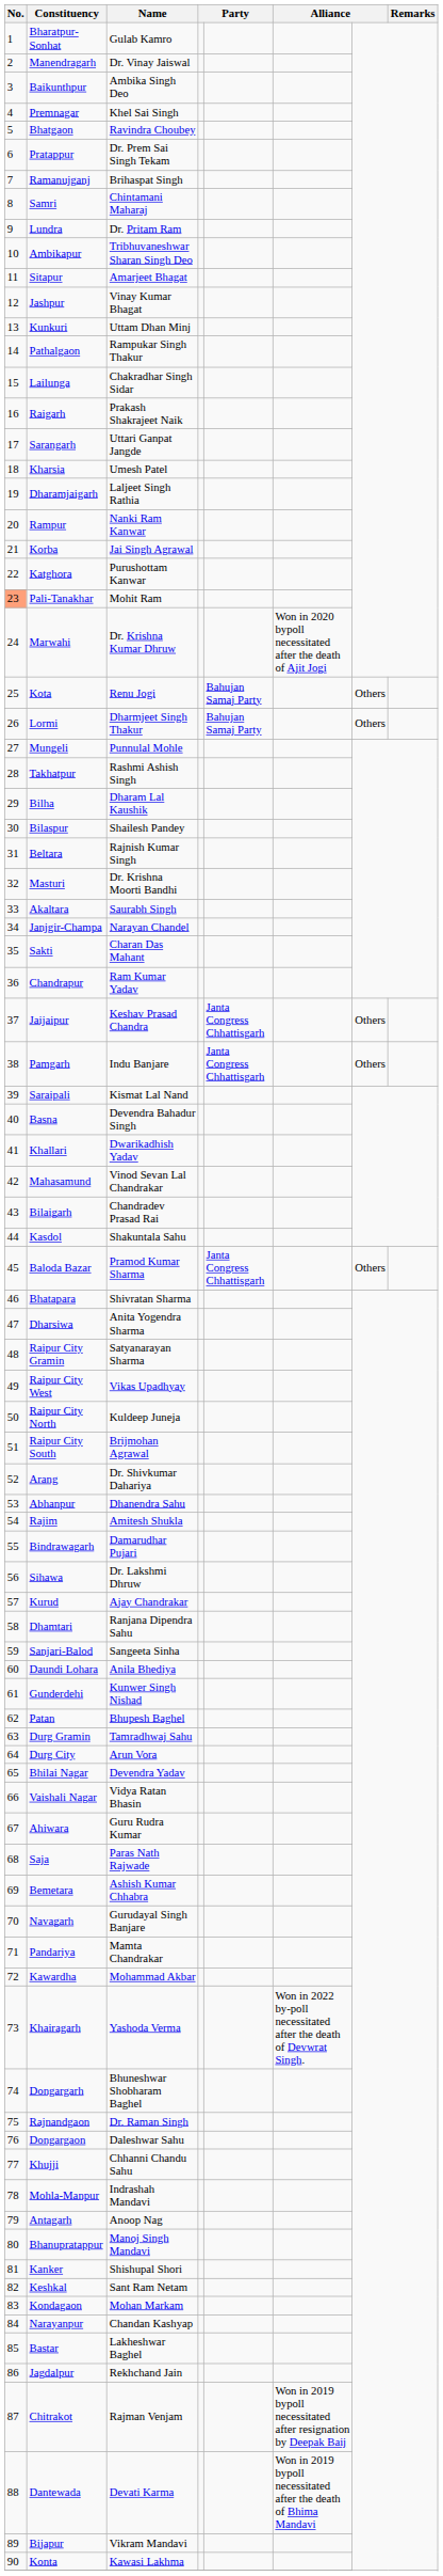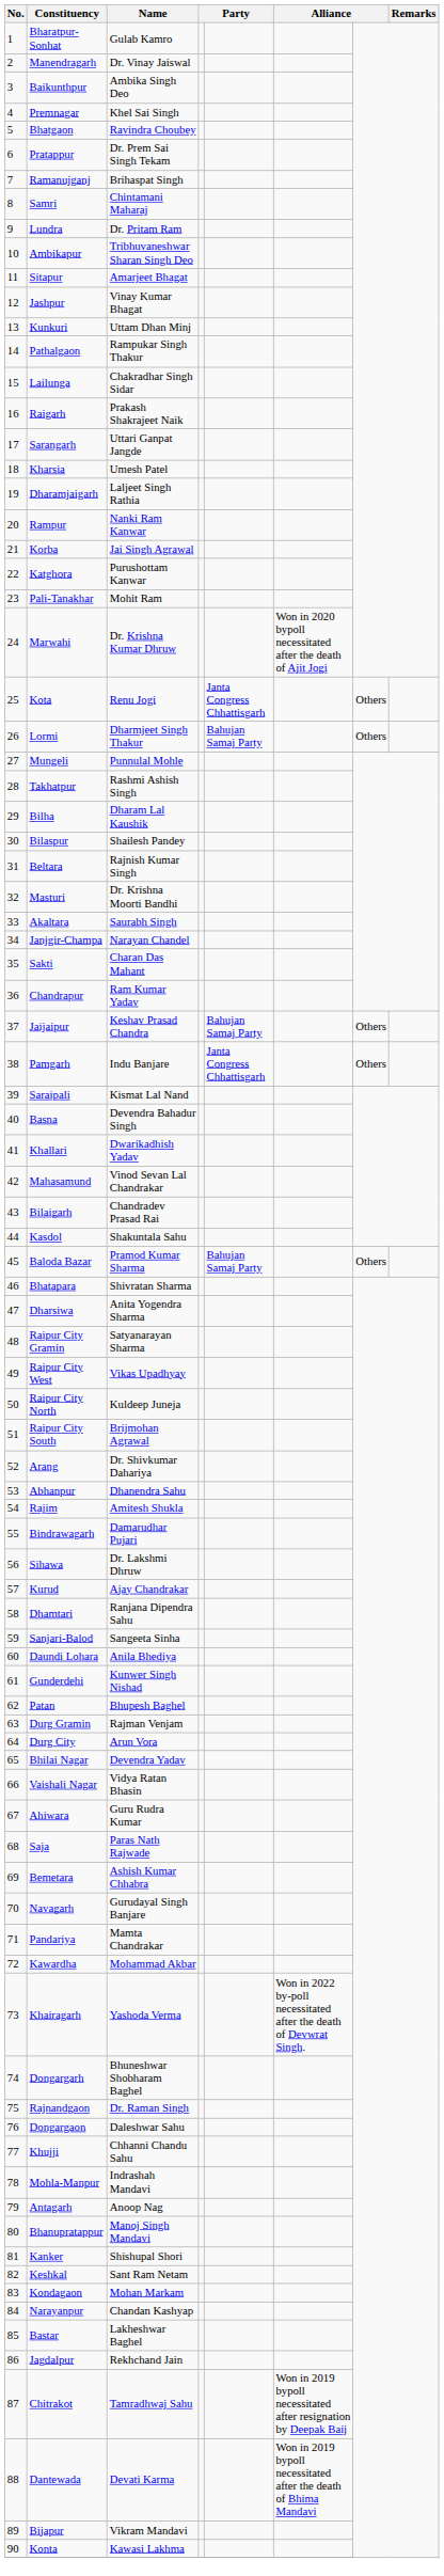 <table class="wikitable sortable">
 <tr>
 <th>No.</th>
 <th>Constituency</th>
 <th>Name</th>
 <th colspan="2">Party</th>
 <th colspan="2">Alliance</th>
 <th>Remarks</th>
 </tr>
 <tr>
 <td>1</td>
 <td><a href='#'>Bharatpur-Sonhat</a></td>
 <td>Gulab Kamro</td>
 <td></td>
 <td></td>
 <td></td>
 </tr>
 <tr>
 <td>2</td>
 <td><a href='#'>Manendragarh</a></td>
 <td>Dr. Vinay Jaiswal</td>
 <td></td>
 <td></td>
 <td></td>
 </tr>
 <tr>
 <td>3</td>
 <td><a href='#'>Baikunthpur</a></td>
 <td>Ambika Singh Deo</td>
 <td></td>
 <td></td>
 <td></td>
 </tr>
 <tr>
 <td>4</td>
 <td><a href='#'>Premnagar</a></td>
 <td>Khel Sai Singh</td>
 <td></td>
 <td></td>
 <td></td>
 </tr>
 <tr>
 <td>5</td>
 <td><a href='#'>Bhatgaon</a></td>
 <td><a href='#'>Ravindra Choubey</a></td>
 <td></td>
 <td></td>
 <td></td>
 </tr>
 <tr>
 <td>6</td>
 <td><a href='#'>Pratappur</a></td>
 <td>Dr. Prem Sai Singh Tekam</td>
 <td></td>
 <td></td>
 <td></td>
 </tr>
 <tr>
 <td>7</td>
 <td><a href='#'>Ramanujganj</a></td>
 <td>Brihaspat Singh</td>
 <td></td>
 <td></td>
 <td></td>
 </tr>
 <tr>
 <td>8</td>
 <td><a href='#'>Samri</a></td>
 <td><a href='#'>Chintamani Maharaj</a></td>
 <td></td>
 <td></td>
 <td></td>
 </tr>
 <tr>
 <td>9</td>
 <td><a href='#'>Lundra</a></td>
 <td>Dr. <a href='#'>Pritam Ram</a></td>
 <td></td>
 <td></td>
 <td></td>
 </tr>
 <tr>
 <td>10</td>
 <td><a href='#'>Ambikapur</a></td>
 <td><a href='#'>Tribhuvaneshwar Sharan Singh Deo</a></td>
 <td></td>
 <td></td>
 <td></td>
 </tr>
 <tr>
 <td>11</td>
 <td><a href='#'>Sitapur</a></td>
 <td><a href='#'>Amarjeet Bhagat</a></td>
 <td></td>
 <td></td>
 <td></td>
 </tr>
 <tr>
 <td>12</td>
 <td><a href='#'>Jashpur</a></td>
 <td>Vinay Kumar Bhagat</td>
 <td></td>
 <td></td>
 <td></td>
 </tr>
 <tr>
 <td>13</td>
 <td><a href='#'>Kunkuri</a></td>
 <td>Uttam Dhan Minj</td>
 <td></td>
 <td></td>
 <td></td>
 </tr>
 <tr>
 <td>14</td>
 <td><a href='#'>Pathalgaon</a></td>
 <td>Rampukar Singh Thakur</td>
 <td></td>
 <td></td>
 <td></td>
 </tr>
 <tr>
 <td>15</td>
 <td><a href='#'>Lailunga</a></td>
 <td>Chakradhar Singh Sidar</td>
 <td></td>
 <td></td>
 <td></td>
 </tr>
 <tr>
 <td>16</td>
 <td><a href='#'>Raigarh</a></td>
 <td>Prakash Shakrajeet Naik</td>
 <td></td>
 <td></td>
 <td></td>
 </tr>
 <tr>
 <td>17</td>
 <td><a href='#'>Sarangarh</a></td>
 <td>Uttari Ganpat Jangde</td>
 <td></td>
 <td></td>
 <td></td>
 </tr>
 <tr>
 <td>18</td>
 <td><a href='#'>Kharsia</a></td>
 <td>Umesh Patel</td>
 <td></td>
 <td></td>
 <td></td>
 </tr>
 <tr>
 <td>19</td>
 <td><a href='#'>Dharamjaigarh</a></td>
 <td>Laljeet Singh Rathia</td>
 <td></td>
 <td></td>
 <td></td>
 </tr>
 <tr>
 <td>20</td>
 <td><a href='#'>Rampur</a></td>
 <td><a href='#'>Nanki Ram Kanwar</a></td>
 <td></td>
 <td></td>
 <td></td>
 </tr>
 <tr>
 <td>21</td>
 <td><a href='#'>Korba</a></td>
 <td><a href='#'>Jai Singh Agrawal</a></td>
 <td></td>
 <td></td>
 <td></td>
 </tr>
 <tr>
 <td>22</td>
 <td><a href='#'>Katghora</a></td>
 <td>Purushottam Kanwar</td>
 <td></td>
 <td></td>
 <td></td>
 </tr>
 <tr>
-<td style="background: lightsalmon;">23</td>
+<td>23</td>
 <td><a href='#'>Pali-Tanakhar</a></td>
 <td>Mohit Ram</td>
 <td></td>
 <td></td>
 <td></td>
 </tr>
 <tr>
 <td>24</td>
 <td><a href='#'>Marwahi</a></td>
 <td>Dr. <a href='#'>Krishna Kumar Dhruw</a></td>
 <td></td>
 <td></td>
 <td>Won in 2020 bypoll necessitated after the death of <a href='#'>Ajit Jogi</a></td>
 </tr>
 <tr>
 <td>25</td>
 <td><a href='#'>Kota</a></td>
 <td><a href='#'>Renu Jogi</a></td>
 <td></td>
-<td><a href='#'>Bahujan Samaj Party</a></td>
+<td><a href='#'>Janta Congress Chhattisgarh</a></td>
 <td></td>
 <td>Others</td>
 <td></td>
 </tr>
 <tr>
 <td>26</td>
 <td><a href='#'>Lormi</a></td>
 <td><a href='#'>Dharmjeet Singh Thakur</a></td>
 <td></td>
 <td><a href='#'>Bahujan Samaj Party</a></td>
 <td></td>
 <td>Others</td>
 <td></td>
 </tr>
 <tr>
 <td>27</td>
 <td><a href='#'>Mungeli</a></td>
 <td><a href='#'>Punnulal Mohle</a></td>
 <td></td>
 <td></td>
 <td></td>
 </tr>
 <tr>
 <td>28</td>
 <td><a href='#'>Takhatpur</a></td>
 <td>Rashmi Ashish Singh</td>
 <td></td>
 <td></td>
 <td></td>
 </tr>
 <tr>
 <td>29</td>
 <td><a href='#'>Bilha</a></td>
 <td><a href='#'>Dharam Lal Kaushik</a></td>
 <td></td>
 <td></td>
 <td></td>
 </tr>
 <tr>
 <td>30</td>
 <td><a href='#'>Bilaspur</a></td>
 <td>Shailesh Pandey</td>
 <td></td>
 <td></td>
 <td></td>
 </tr>
 <tr>
 <td>31</td>
 <td><a href='#'>Beltara</a></td>
 <td>Rajnish Kumar Singh</td>
 <td></td>
 <td></td>
 <td></td>
 </tr>
 <tr>
 <td>32</td>
 <td><a href='#'>Masturi</a></td>
 <td>Dr. Krishna Moorti Bandhi</td>
 <td></td>
 <td></td>
 <td></td>
 </tr>
 <tr>
 <td>33</td>
 <td><a href='#'>Akaltara</a></td>
 <td><a href='#'>Saurabh Singh</a></td>
 <td></td>
 <td></td>
 <td></td>
 </tr>
 <tr>
 <td>34</td>
 <td><a href='#'>Janjgir-Champa</a></td>
 <td><a href='#'>Narayan Chandel</a></td>
 <td></td>
 <td></td>
 <td></td>
 </tr>
 <tr>
 <td>35</td>
 <td><a href='#'>Sakti</a></td>
 <td><a href='#'>Charan Das Mahant</a></td>
 <td></td>
 <td></td>
 <td></td>
 </tr>
 <tr>
 <td>36</td>
 <td><a href='#'>Chandrapur</a></td>
 <td><a href='#'>Ram Kumar Yadav</a></td>
 <td></td>
 <td></td>
 <td></td>
 </tr>
 <tr>
 <td>37</td>
 <td><a href='#'>Jaijaipur</a></td>
 <td><a href='#'>Keshav Prasad Chandra</a></td>
 <td></td>
-<td><a href='#'>Janta Congress Chhattisgarh</a></td>
+<td><a href='#'>Bahujan Samaj Party</a></td>
 <td></td>
 <td>Others</td>
 <td></td>
 </tr>
 <tr>
 <td>38</td>
 <td><a href='#'>Pamgarh</a></td>
 <td>Indu Banjare</td>
 <td></td>
 <td><a href='#'>Janta Congress Chhattisgarh</a></td>
 <td></td>
 <td>Others</td>
 <td></td>
 </tr>
 <tr>
 <td>39</td>
 <td><a href='#'>Saraipali</a></td>
 <td>Kismat Lal Nand</td>
 <td></td>
 <td></td>
 <td></td>
 </tr>
 <tr>
 <td>40</td>
 <td><a href='#'>Basna</a></td>
 <td>Devendra Bahadur Singh</td>
 <td></td>
 <td></td>
 <td></td>
 </tr>
 <tr>
 <td>41</td>
 <td><a href='#'>Khallari</a></td>
 <td><a href='#'>Dwarikadhish Yadav</a></td>
 <td></td>
 <td></td>
 <td></td>
 </tr>
 <tr>
 <td>42</td>
 <td><a href='#'>Mahasamund</a></td>
 <td>Vinod Sevan Lal Chandrakar</td>
 <td></td>
 <td></td>
 <td></td>
 </tr>
 <tr>
 <td>43</td>
 <td><a href='#'>Bilaigarh</a></td>
 <td>Chandradev Prasad Rai</td>
 <td></td>
 <td></td>
 <td></td>
 </tr>
 <tr>
 <td>44</td>
 <td><a href='#'>Kasdol</a></td>
 <td>Shakuntala Sahu</td>
 <td></td>
 <td></td>
 <td></td>
 </tr>
 <tr>
 <td>45</td>
 <td><a href='#'>Baloda Bazar</a></td>
 <td><a href='#'>Pramod Kumar Sharma</a></td>
 <td></td>
-<td><a href='#'>Janta Congress Chhattisgarh</a></td>
+<td><a href='#'>Bahujan Samaj Party</a></td>
 <td></td>
 <td>Others</td>
 <td></td>
 </tr>
 <tr>
 <td>46</td>
 <td><a href='#'>Bhatapara</a></td>
 <td>Shivratan Sharma</td>
 <td></td>
 <td></td>
 <td></td>
 </tr>
 <tr>
 <td>47</td>
 <td><a href='#'>Dharsiwa</a></td>
 <td>Anita Yogendra Sharma</td>
 <td></td>
 <td></td>
 <td></td>
 </tr>
 <tr>
 <td>48</td>
 <td><a href='#'>Raipur City Gramin</a></td>
 <td>Satyanarayan Sharma</td>
 <td></td>
 <td></td>
 <td></td>
 </tr>
 <tr>
 <td>49</td>
 <td><a href='#'>Raipur City West</a></td>
 <td><a href='#'>Vikas Upadhyay</a></td>
 <td></td>
 <td></td>
 <td></td>
 </tr>
 <tr>
 <td>50</td>
 <td><a href='#'>Raipur City North</a></td>
 <td>Kuldeep Juneja</td>
 <td></td>
 <td></td>
 <td></td>
 </tr>
 <tr>
 <td>51</td>
 <td><a href='#'>Raipur City South</a></td>
 <td><a href='#'>Brijmohan Agrawal</a></td>
 <td></td>
 <td></td>
 <td></td>
 </tr>
 <tr>
 <td>52</td>
 <td><a href='#'>Arang</a></td>
 <td>Dr. Shivkumar Dahariya</td>
 <td></td>
 <td></td>
 <td></td>
 </tr>
 <tr>
 <td>53</td>
 <td><a href='#'>Abhanpur</a></td>
 <td><a href='#'>Dhanendra Sahu</a></td>
 <td></td>
 <td></td>
 <td></td>
 </tr>
 <tr>
 <td>54</td>
 <td><a href='#'>Rajim</a></td>
 <td><a href='#'>Amitesh Shukla</a></td>
 <td></td>
 <td></td>
 <td></td>
 </tr>
 <tr>
 <td>55</td>
 <td><a href='#'>Bindrawagarh</a></td>
 <td><a href='#'>Damarudhar Pujari</a></td>
 <td></td>
 <td></td>
 <td></td>
 </tr>
 <tr>
 <td>56</td>
 <td><a href='#'>Sihawa</a></td>
 <td>Dr. Lakshmi Dhruw</td>
 <td></td>
 <td></td>
 <td></td>
 </tr>
 <tr>
 <td>57</td>
 <td><a href='#'>Kurud</a></td>
 <td><a href='#'>Ajay Chandrakar</a></td>
 <td></td>
 <td></td>
 <td></td>
 </tr>
 <tr>
 <td>58</td>
 <td><a href='#'>Dhamtari</a></td>
 <td>Ranjana Dipendra Sahu</td>
 <td></td>
 <td></td>
 <td></td>
 </tr>
 <tr>
 <td>59</td>
 <td><a href='#'>Sanjari-Balod</a></td>
 <td>Sangeeta Sinha</td>
 <td></td>
 <td></td>
 <td></td>
 </tr>
 <tr>
 <td>60</td>
 <td><a href='#'>Daundi Lohara</a></td>
 <td><a href='#'>Anila Bhediya</a></td>
 <td></td>
 <td></td>
 <td></td>
 </tr>
 <tr>
 <td>61</td>
 <td><a href='#'>Gunderdehi</a></td>
 <td><a href='#'>Kunwer Singh Nishad</a></td>
 <td></td>
 <td></td>
 <td></td>
 </tr>
 <tr>
 <td>62</td>
 <td><a href='#'>Patan</a></td>
 <td><a href='#'>Bhupesh Baghel</a></td>
 <td></td>
 <td></td>
 <td></td>
 </tr>
 <tr>
 <td>63</td>
 <td><a href='#'>Durg Gramin</a></td>
-<td><a href='#'>Tamradhwaj Sahu</a></td>
+<td>Rajman Venjam</td>
 <td></td>
 <td></td>
 <td></td>
 </tr>
 <tr>
 <td>64</td>
 <td><a href='#'>Durg City</a></td>
 <td><a href='#'>Arun Vora</a></td>
 <td></td>
 <td></td>
 <td></td>
 </tr>
 <tr>
 <td>65</td>
 <td><a href='#'>Bhilai Nagar</a></td>
 <td><a href='#'>Devendra Yadav</a></td>
 <td></td>
 <td></td>
 <td></td>
 </tr>
 <tr>
 <td>66</td>
 <td><a href='#'>Vaishali Nagar</a></td>
 <td>Vidya Ratan Bhasin</td>
 <td></td>
 <td></td>
 <td></td>
 </tr>
 <tr>
 <td>67</td>
 <td><a href='#'>Ahiwara</a></td>
 <td>Guru Rudra Kumar</td>
 <td></td>
 <td></td>
 <td></td>
 </tr>
 <tr>
 <td>68</td>
 <td><a href='#'>Saja</a></td>
 <td><a href='#'>Paras Nath Rajwade</a></td>
 <td></td>
 <td></td>
 <td></td>
 </tr>
 <tr>
 <td>69</td>
 <td><a href='#'>Bemetara</a></td>
 <td><a href='#'>Ashish Kumar Chhabra</a></td>
 <td></td>
 <td></td>
 <td></td>
 </tr>
 <tr>
 <td>70</td>
 <td><a href='#'>Navagarh</a></td>
 <td>Gurudayal Singh Banjare</td>
 <td></td>
 <td></td>
 <td></td>
 </tr>
 <tr>
 <td>71</td>
 <td><a href='#'>Pandariya</a></td>
 <td>Mamta Chandrakar</td>
 <td></td>
 <td></td>
 <td></td>
 </tr>
 <tr>
 <td>72</td>
 <td><a href='#'>Kawardha</a></td>
 <td><a href='#'>Mohammad Akbar</a></td>
 <td></td>
 <td></td>
 <td></td>
 </tr>
 <tr>
 <td>73</td>
 <td><a href='#'>Khairagarh</a></td>
 <td><a href='#'>Yashoda Verma</a></td>
 <td></td>
 <td></td>
 <td>Won in 2022 by-poll necessitated after the death of <a href='#'>Devwrat Singh</a>.</td>
 </tr>
 <tr>
 <td>74</td>
 <td><a href='#'>Dongargarh</a></td>
 <td>Bhuneshwar Shobharam Baghel</td>
 <td></td>
 <td></td>
 <td></td>
 </tr>
 <tr>
 <td>75</td>
 <td><a href='#'>Rajnandgaon</a></td>
 <td><a href='#'>Dr. Raman Singh</a></td>
 <td></td>
 <td></td>
 <td></td>
 </tr>
 <tr>
 <td>76</td>
 <td><a href='#'>Dongargaon</a></td>
 <td>Daleshwar Sahu</td>
 <td></td>
 <td></td>
 <td></td>
 </tr>
 <tr>
 <td>77</td>
 <td><a href='#'>Khujji</a></td>
 <td>Chhanni Chandu Sahu</td>
 <td></td>
 <td></td>
 <td></td>
 </tr>
 <tr>
 <td>78</td>
 <td><a href='#'>Mohla-Manpur</a></td>
 <td>Indrashah Mandavi</td>
 <td></td>
 <td></td>
 <td></td>
 </tr>
 <tr>
 <td>79</td>
 <td><a href='#'>Antagarh</a></td>
 <td>Anoop Nag</td>
 <td></td>
 <td></td>
 <td></td>
 </tr>
 <tr>
 <td>80</td>
 <td><a href='#'>Bhanupratappur</a></td>
 <td><a href='#'>Manoj Singh Mandavi</a></td>
 <td></td>
 <td></td>
 <td></td>
 </tr>
 <tr>
 <td>81</td>
 <td><a href='#'>Kanker</a></td>
 <td>Shishupal Shori</td>
 <td></td>
 <td></td>
 <td></td>
 </tr>
 <tr>
 <td>82</td>
 <td><a href='#'>Keshkal</a></td>
 <td>Sant Ram Netam</td>
 <td></td>
 <td></td>
 <td></td>
 </tr>
 <tr>
 <td>83</td>
 <td><a href='#'>Kondagaon</a></td>
 <td><a href='#'>Mohan Markam</a></td>
 <td></td>
 <td></td>
 <td></td>
 </tr>
 <tr>
 <td>84</td>
 <td><a href='#'>Narayanpur</a></td>
 <td>Chandan Kashyap</td>
 <td></td>
 <td></td>
 <td></td>
 </tr>
 <tr>
 <td>85</td>
 <td><a href='#'>Bastar</a></td>
 <td>Lakheshwar Baghel</td>
 <td></td>
 <td></td>
 <td></td>
 </tr>
 <tr>
 <td>86</td>
 <td><a href='#'>Jagdalpur</a></td>
 <td>Rekhchand Jain</td>
 <td></td>
 <td></td>
 <td></td>
 </tr>
 <tr>
 <td>87</td>
 <td><a href='#'>Chitrakot</a></td>
-<td>Rajman Venjam</td>
+<td><a href='#'>Tamradhwaj Sahu</a></td>
 <td></td>
 <td></td>
 <td>Won in 2019 bypoll necessitated after resignation by <a href='#'>Deepak Baij</a></td>
 </tr>
 <tr>
 <td>88</td>
 <td><a href='#'>Dantewada</a></td>
 <td><a href='#'>Devati Karma</a></td>
 <td></td>
 <td></td>
 <td>Won in 2019 bypoll necessitated after the death of <a href='#'>Bhima Mandavi</a></td>
 </tr>
 <tr>
 <td>89</td>
 <td><a href='#'>Bijapur</a></td>
 <td>Vikram Mandavi</td>
 <td></td>
 <td></td>
 <td></td>
 </tr>
 <tr>
 <td>90</td>
 <td><a href='#'>Konta</a></td>
 <td><a href='#'>Kawasi Lakhma</a></td>
 <td></td>
 <td></td>
 <td></td>
 </tr>
 <tr>
 </tr>
 </table>
